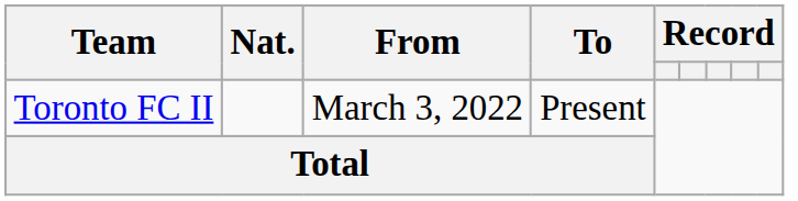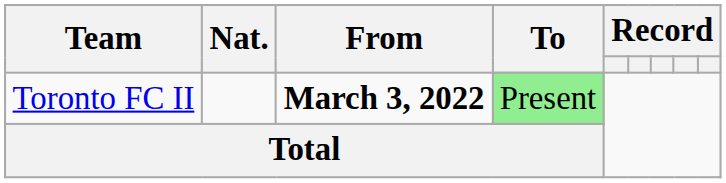 <table class="wikitable" style="text-align: center">
 <tr>
 <th rowspan=2>Team</th>
 <th rowspan=2>Nat.</th>
 <th rowspan=2>From</th>
 <th rowspan=2>To</th>
 <th colspan=5>Record</th>
 </tr>
 <tr>
 <th></th>
 <th></th>
 <th></th>
 <th></th>
 <th></th>
 </tr>
 <tr>
 <td align=left><a href='#'>Toronto FC II</a></td>
 <td></td>
-<td align=left>March 3, 2022</td>
-<td align=left>Present<br></td>
+<td align=left><strong>March 3, 2022</strong></td>
+<td align=left style="background: lightgreen;">Present<br></td>
 </tr>
 <tr>
 <th colspan=4>Total<br></th>
 </tr>
 </table>
